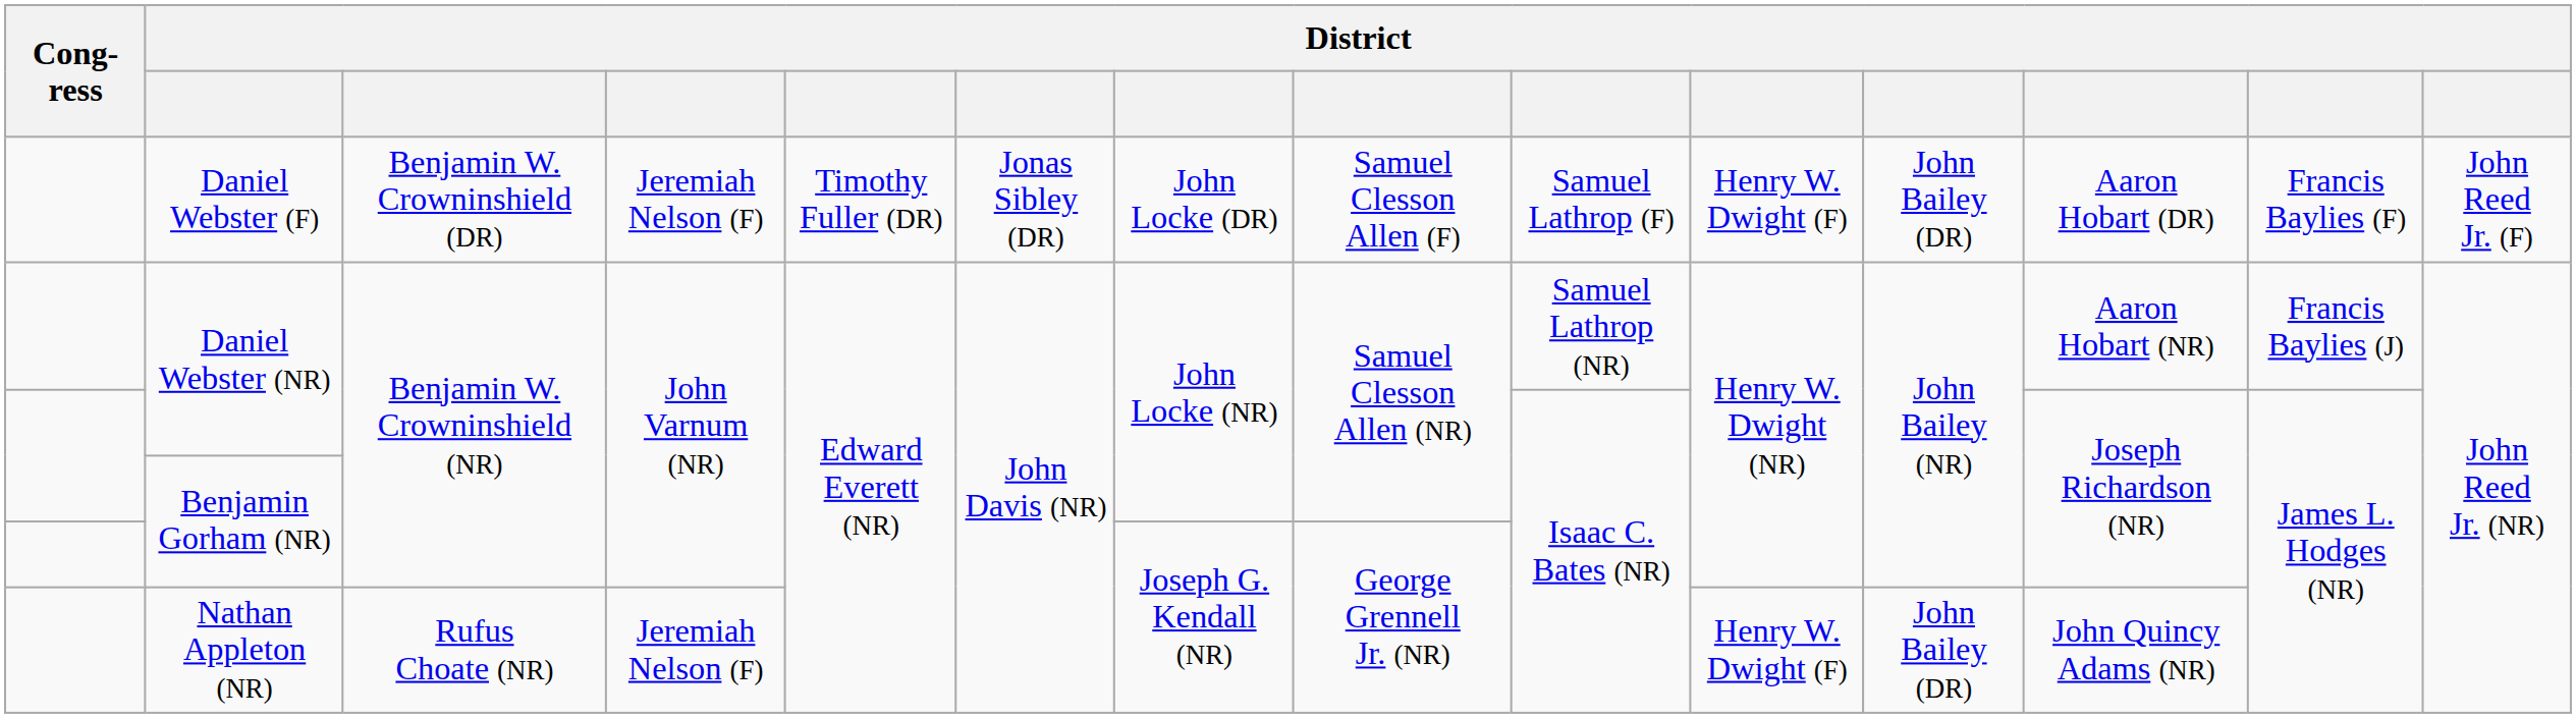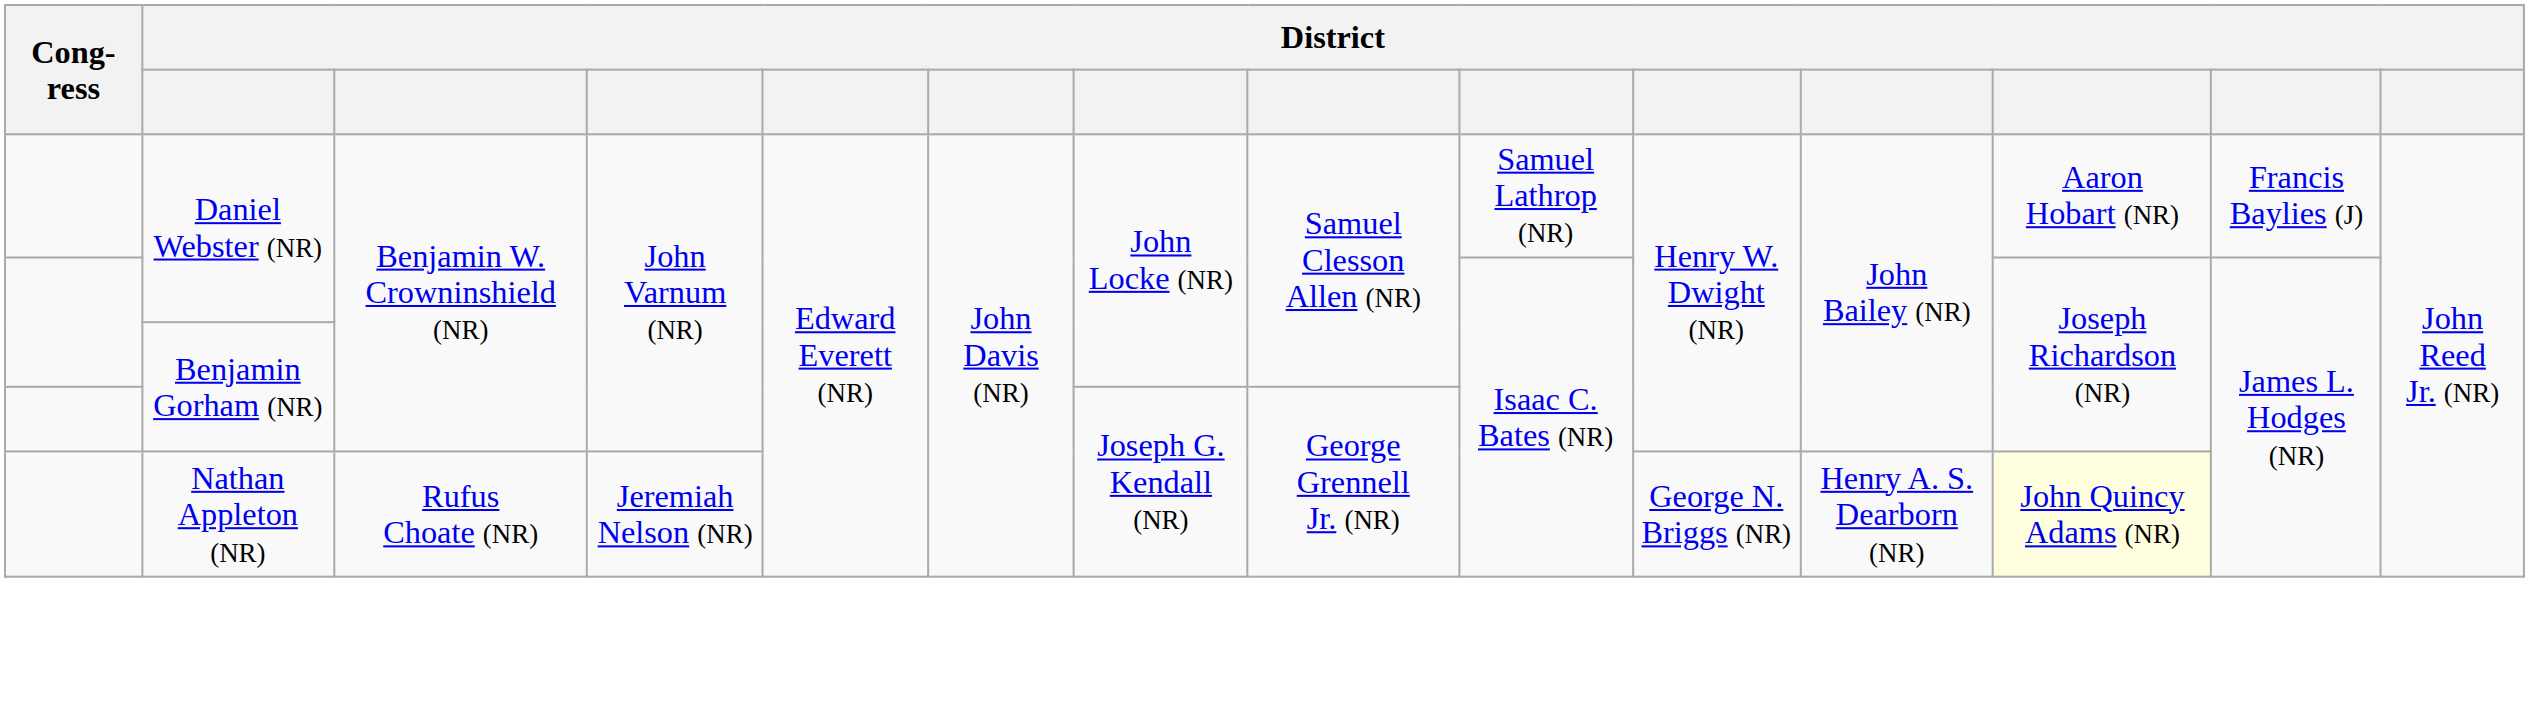 <table class="wikitable" style="text-align:center">
 <tr style="height:2em">
 <th rowspan="2">Cong­ress</th>
 <th colspan="13">District</th>
 </tr>
 <tr style="height:2em">
 <th></th>
 <th></th>
 <th></th>
 <th></th>
 <th></th>
 <th></th>
 <th></th>
 <th></th>
 <th></th>
 <th></th>
 <th></th>
 <th></th>
 <th></th>
-</tr>
-<tr style="height:2em">
-<td scope="row"><strong></strong><br></td>
-<td><a href='#'>Daniel<br>Webster</a> <small>(F)</small></td>
-<td><a href='#'>Benjamin W.<br>Crownin­shield</a> <small>(DR)</small></td>
-<td><a href='#'>Jeremiah<br>Nelson</a> <small>(F)</small></td>
-<td><a href='#'>Timothy<br>Fuller</a> <small>(DR)</small></td>
-<td><a href='#'>Jonas<br>Sibley</a> <small>(DR)</small></td>
-<td><a href='#'>John<br>Locke</a> <small>(DR)</small></td>
-<td><a href='#'>Samuel Clesson<br>Allen</a> <small>(F)</small></td>
-<td><a href='#'>Samuel<br>Lathrop</a> <small>(F)</small></td>
-<td><a href='#'>Henry W.<br>Dwight</a> <small>(F)</small></td>
-<td><a href='#'>John<br>Bailey</a> <small>(DR)</small></td>
-<td><a href='#'>Aaron<br>Hobart</a> <small>(DR)</small></td>
-<td><a href='#'>Francis<br>Baylies</a> <small>(F)</small></td>
-<td><a href='#'>John Reed<br>Jr.</a> <small>(F)</small></td>
 </tr>
 <tr style="height:2em">
 <td scope="row"><strong></strong><br></td>
 <td rowspan="2" ><a href='#'>Daniel<br>Webster</a> <small>(NR)</small></td>
 <td rowspan="4" ><a href='#'>Benjamin W.<br>Crownin­shield</a> <small>(NR)</small></td>
 <td rowspan="4" ><a href='#'>John<br>Varnum</a> <small>(NR)</small></td>
 <td rowspan="5" ><a href='#'>Edward<br>Everett</a> <small>(NR)</small></td>
 <td rowspan="5" ><a href='#'>John<br>Davis</a> <small>(NR)</small></td>
 <td rowspan="3" ><a href='#'>John<br>Locke</a> <small>(NR)</small></td>
 <td rowspan="3" ><a href='#'>Samuel Clesson<br>Allen</a> <small>(NR)</small></td>
 <td><a href='#'>Samuel<br>Lathrop</a> <small>(NR)</small></td>
 <td rowspan="4" ><a href='#'>Henry W.<br>Dwight</a> <small>(NR)</small></td>
 <td rowspan="4" ><a href='#'>John<br>Bailey</a> <small>(NR)</small></td>
 <td><a href='#'>Aaron<br>Hobart</a> <small>(NR)</small></td>
 <td><a href='#'>Francis<br>Baylies</a> <small>(J)</small></td>
 <td rowspan="5" ><a href='#'>John Reed<br>Jr.</a> <small>(NR)</small></td>
 </tr>
 <tr style="height:2em">
 <td rowspan="2" scope="row"><strong></strong><br></td>
 <td rowspan="4" ><a href='#'>Isaac C.<br>Bates</a> <small>(NR)</small></td>
 <td rowspan="3" ><a href='#'>Joseph<br>Richardson</a> <small>(NR)</small></td>
 <td rowspan="4" ><a href='#'>James L.<br>Hodges</a> <small>(NR)</small></td>
 </tr>
 <tr style="height:2em">
 <td rowspan="2" ><a href='#'>Benjamin<br>Gorham</a> <small>(NR)</small></td>
 </tr>
 <tr style="height:2em">
 <td scope="row"><strong></strong><br></td>
 <td rowspan="2" ><a href='#'>Joseph G.<br>Kendall</a> <small>(NR)</small></td>
 <td rowspan="2" ><a href='#'>George<br>Grennell<br>Jr.</a> <small>(NR)</small></td>
 </tr>
 <tr style="height:2em">
 <td scope="row"><strong></strong><br></td>
 <td><a href='#'>Nathan<br>Appleton</a> <small>(NR)</small></td>
 <td><a href='#'>Rufus<br>Choate</a> <small>(NR)</small></td>
-<td><a href='#'>Jeremiah<br>Nelson</a> <small>(F)</small></td>
-<td><a href='#'>Henry W.<br>Dwight</a> <small>(F)</small></td>
-<td><a href='#'>John<br>Bailey</a> <small>(DR)</small></td>
-<td><a href='#'>John Quincy<br>Adams</a> <small>(NR)</small></td>
+<td><a href='#'>Jeremiah<br>Nelson</a> <small>(NR)</small></td>
+<td><a href='#'>George N.<br>Briggs</a> <small>(NR)</small></td>
+<td><a href='#'>Henry A. S.<br>Dearborn</a> <small>(NR)</small></td>
+<td style="background: lightyellow;"><a href='#'>John Quincy<br>Adams</a> <small>(NR)</small></td>
 </tr>
 </table>
